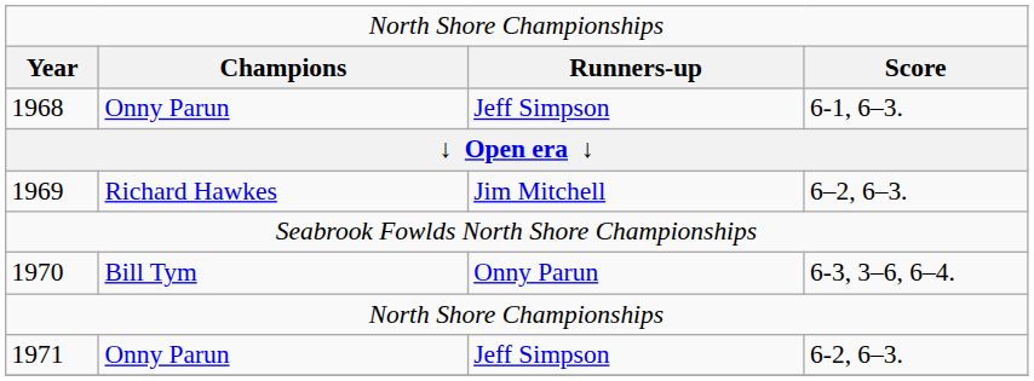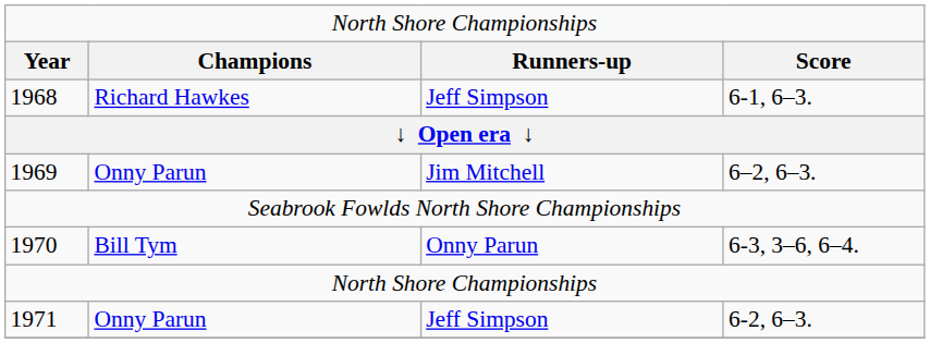 <table class="wikitable">
 <tr>
 <td colspan=4 align=center><em>North Shore Championships</em></td>
 </tr>
 <tr>
 <th style="width:50px">Year</th>
 <th style="width:220px">Champions</th>
 <th style="width:200px">Runners-up</th>
 <th style="width:130px" class="unsortable">Score</th>
 </tr>
 <tr>
 <td>1968</td>
-<td> <a href='#'>Onny Parun</a></td>
+<td> <a href='#'>Richard Hawkes</a></td>
 <td> <a href='#'>Jeff Simpson</a></td>
 <td>6-1, 6–3.</td>
 </tr>
 <tr>
 <th colspan=4 align=center>↓  <a href='#'>Open era</a>  ↓</th>
 </tr>
 <tr>
 <td>1969</td>
-<td> <a href='#'>Richard Hawkes</a></td>
+<td> <a href='#'>Onny Parun</a></td>
 <td> <a href='#'>Jim Mitchell</a></td>
 <td>6–2, 6–3.</td>
 </tr>
 <tr>
 <td colspan=4 align=center><em>Seabrook Fowlds North Shore Championships</em></td>
 </tr>
 <tr>
 <td>1970</td>
 <td> <a href='#'>Bill Tym</a></td>
 <td> <a href='#'>Onny Parun</a></td>
 <td>6-3, 3–6, 6–4.</td>
 </tr>
 <tr>
 <td colspan=4 align=center><em>North Shore Championships</em></td>
 </tr>
 <tr>
 <td>1971</td>
 <td> <a href='#'>Onny Parun</a></td>
 <td> <a href='#'>Jeff Simpson</a></td>
 <td>6-2, 6–3.</td>
 </tr>
 <tr>
 </tr>
 </table>
